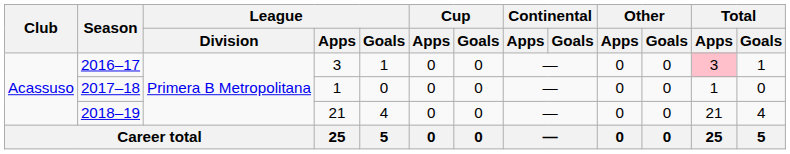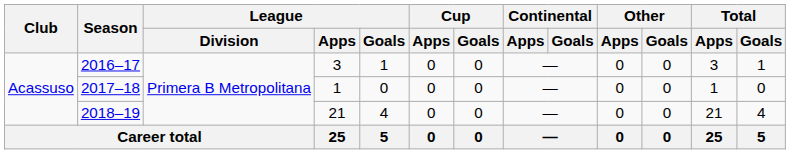 <table class="wikitable" style="text-align:center">
 <tr>
 <th rowspan="2">Club</th>
 <th rowspan="2">Season</th>
 <th colspan="3">League</th>
 <th colspan="2">Cup</th>
 <th colspan="2">Continental</th>
 <th colspan="2">Other</th>
 <th colspan="2">Total</th>
 </tr>
 <tr>
 <th>Division</th>
 <th>Apps</th>
 <th>Goals</th>
 <th>Apps</th>
 <th>Goals</th>
 <th>Apps</th>
 <th>Goals</th>
 <th>Apps</th>
 <th>Goals</th>
 <th>Apps</th>
 <th>Goals</th>
 </tr>
 <tr>
 <td rowspan="3"><a href='#'>Acassuso</a></td>
 <td><a href='#'>2016–17</a></td>
 <td rowspan="3"><a href='#'>Primera B Metropolitana</a></td>
 <td>3</td>
 <td>1</td>
 <td>0</td>
 <td>0</td>
 <td colspan="2">—</td>
 <td>0</td>
 <td>0</td>
-<td style="background: pink;">3</td>
+<td>3</td>
 <td>1</td>
 </tr>
 <tr>
 <td><a href='#'>2017–18</a></td>
 <td>1</td>
 <td>0</td>
 <td>0</td>
 <td>0</td>
 <td colspan="2">—</td>
 <td>0</td>
 <td>0</td>
 <td>1</td>
 <td>0</td>
 </tr>
 <tr>
 <td><a href='#'>2018–19</a></td>
 <td>21</td>
 <td>4</td>
 <td>0</td>
 <td>0</td>
 <td colspan="2">—</td>
 <td>0</td>
 <td>0</td>
 <td>21</td>
 <td>4</td>
 </tr>
 <tr>
 <th colspan="3">Career total</th>
 <th>25</th>
 <th>5</th>
 <th>0</th>
 <th>0</th>
 <th colspan="2">—</th>
 <th>0</th>
 <th>0</th>
 <th>25</th>
 <th>5</th>
 </tr>
 </table>
